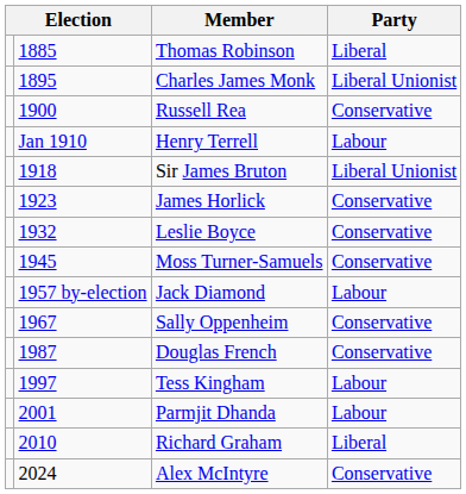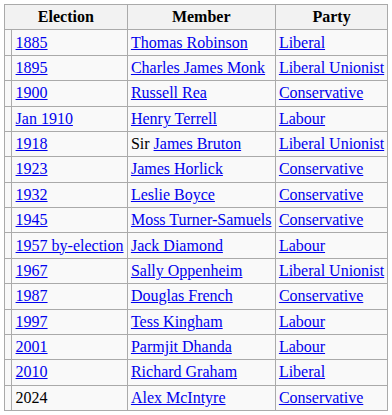 <table class="wikitable">
 <tr>
 <th colspan="2">Election</th>
 <th>Member</th>
 <th>Party</th>
 </tr>
 <tr>
 <td style="color:inherit;background-color: "></td>
 <td><a href='#'>1885</a></td>
 <td><a href='#'>Thomas Robinson</a></td>
 <td><a href='#'>Liberal</a></td>
 </tr>
 <tr>
 <td style="color:inherit;background-color: "></td>
 <td><a href='#'>1895</a></td>
 <td><a href='#'>Charles James Monk</a></td>
 <td><a href='#'>Liberal Unionist</a></td>
 </tr>
 <tr>
 <td style="color:inherit;background-color: "></td>
 <td><a href='#'>1900</a></td>
 <td><a href='#'>Russell Rea</a></td>
 <td><a href='#'>Conservative</a></td>
 </tr>
 <tr>
 <td style="color:inherit;background-color: "></td>
 <td><a href='#'>Jan 1910</a></td>
 <td><a href='#'>Henry Terrell</a></td>
 <td><a href='#'>Labour</a></td>
 </tr>
 <tr>
 <td style="color:inherit;background-color: "></td>
 <td><a href='#'>1918</a></td>
 <td>Sir <a href='#'>James Bruton</a></td>
 <td><a href='#'>Liberal Unionist</a></td>
 </tr>
 <tr>
 <td style="color:inherit;background-color: "></td>
 <td><a href='#'>1923</a></td>
 <td><a href='#'>James Horlick</a></td>
 <td><a href='#'>Conservative</a></td>
 </tr>
 <tr>
 <td style="color:inherit;background-color: "></td>
 <td><a href='#'>1932</a></td>
 <td><a href='#'>Leslie Boyce</a></td>
 <td><a href='#'>Conservative</a></td>
 </tr>
 <tr>
 <td style="color:inherit;background-color: "></td>
 <td><a href='#'>1945</a></td>
 <td><a href='#'>Moss Turner-Samuels</a></td>
 <td><a href='#'>Conservative</a></td>
 </tr>
 <tr>
 <td style="color:inherit;background-color: "></td>
 <td><a href='#'>1957 by-election</a></td>
 <td><a href='#'>Jack Diamond</a></td>
 <td><a href='#'>Labour</a></td>
 </tr>
 <tr>
 <td style="color:inherit;background-color: "></td>
 <td><a href='#'>1967</a></td>
 <td><a href='#'>Sally Oppenheim</a></td>
-<td><a href='#'>Conservative</a></td>
+<td><a href='#'>Liberal Unionist</a></td>
 </tr>
 <tr>
 <td style="color:inherit;background-color: "></td>
 <td><a href='#'>1987</a></td>
 <td><a href='#'>Douglas French</a></td>
 <td><a href='#'>Conservative</a></td>
 </tr>
 <tr>
 <td style="color:inherit;background-color: "></td>
 <td><a href='#'>1997</a></td>
 <td><a href='#'>Tess Kingham</a></td>
 <td><a href='#'>Labour</a></td>
 </tr>
 <tr>
 <td style="color:inherit;background-color: "></td>
 <td><a href='#'>2001</a></td>
 <td><a href='#'>Parmjit Dhanda</a></td>
 <td><a href='#'>Labour</a></td>
 </tr>
 <tr>
 <td style="color:inherit;background-color: "></td>
 <td><a href='#'>2010</a></td>
 <td><a href='#'>Richard Graham</a></td>
 <td><a href='#'>Liberal</a></td>
 </tr>
 <tr>
 <td style="color:inherit;background-color: "></td>
 <td>2024</td>
 <td><a href='#'>Alex McIntyre</a></td>
 <td><a href='#'>Conservative</a></td>
 </tr>
 </table>
